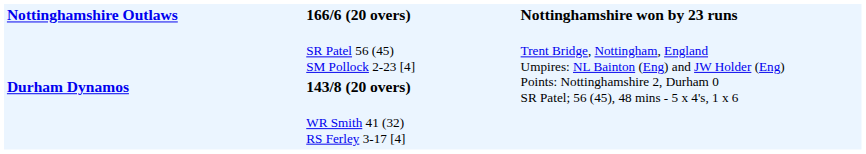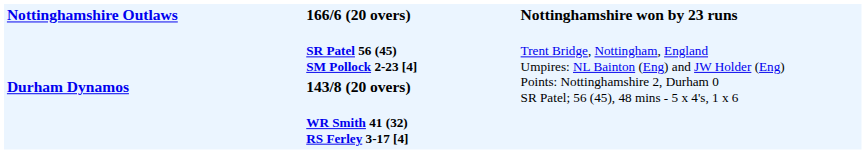 <table style="width:100%; background:#ebf5ff;">
 <tr>
 <td style="width:35%; vertical-align:top;" rowspan="2"><strong><a href='#'>Nottinghamshire Outlaws</a></strong></td>
 <td style="width:25%;"><strong>166/6 (20 overs)</strong></td>
 <td style="width:40%;"><strong>Nottinghamshire won by 23 runs</strong></td>
 </tr>
 <tr>
-<td style="font-size: 85%;"><br><a href='#'>SR Patel</a> 56 (45)<br> <a href='#'>SM Pollock</a> 2-23 [4]</td>
+<td style="font-size: 85%;"><strong><br><a href='#'>SR Patel</a> 56 (45)<br> <a href='#'>SM Pollock</a> 2-23 [4]</strong></td>
 <td style="vertical-align:top; font-size:85%;" rowspan="3"><br><a href='#'>Trent Bridge</a>, <a href='#'>Nottingham</a>, <a href='#'>England</a><br> Umpires: <a href='#'>NL Bainton</a> (<a href='#'>Eng</a>) and <a href='#'>JW Holder</a> (<a href='#'>Eng</a>)<br> Points: Nottinghamshire 2, Durham 0<br>SR Patel; 56 (45), 48 mins - 5 x 4's, 1 x 6</td>
 </tr>
 <tr>
 <td style="vertical-align:top;" rowspan="2"><strong><a href='#'>Durham Dynamos</a></strong></td>
 <td><strong>143/8 (20 overs)</strong></td>
 </tr>
 <tr>
-<td style="font-size: 85%;"><br><a href='#'>WR Smith</a> 41 (32)<br> <a href='#'>RS Ferley</a> 3-17 [4]</td>
+<td style="font-size: 85%;"><strong><br><a href='#'>WR Smith</a> 41 (32)<br> <a href='#'>RS Ferley</a> 3-17 [4]</strong></td>
 </tr>
 </table>
